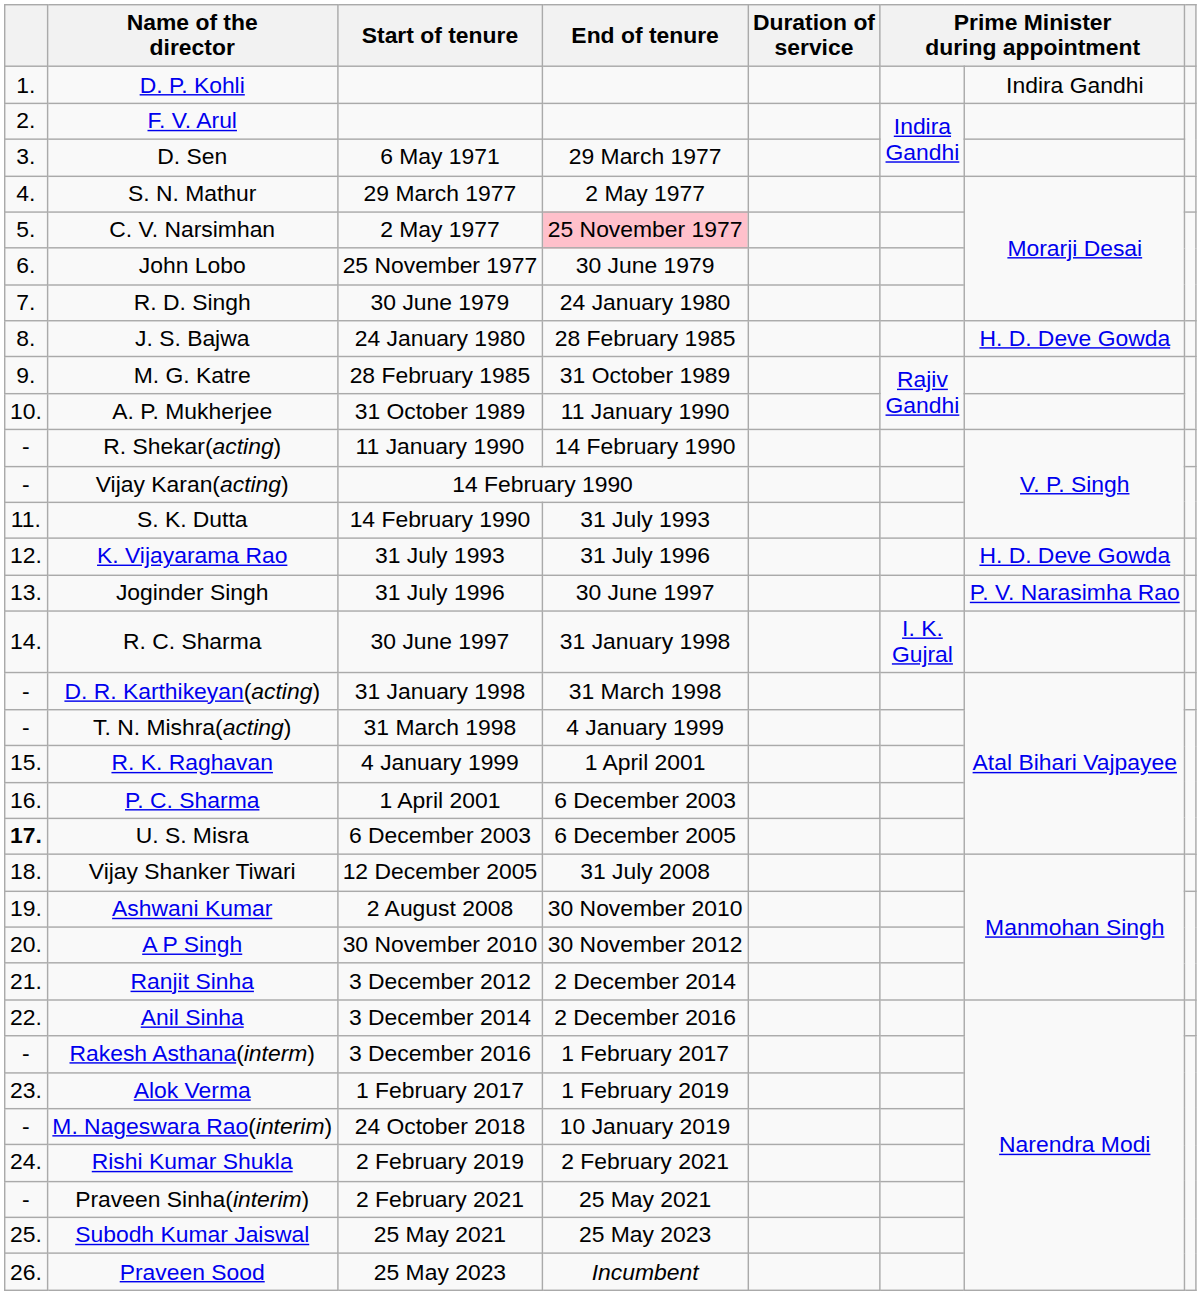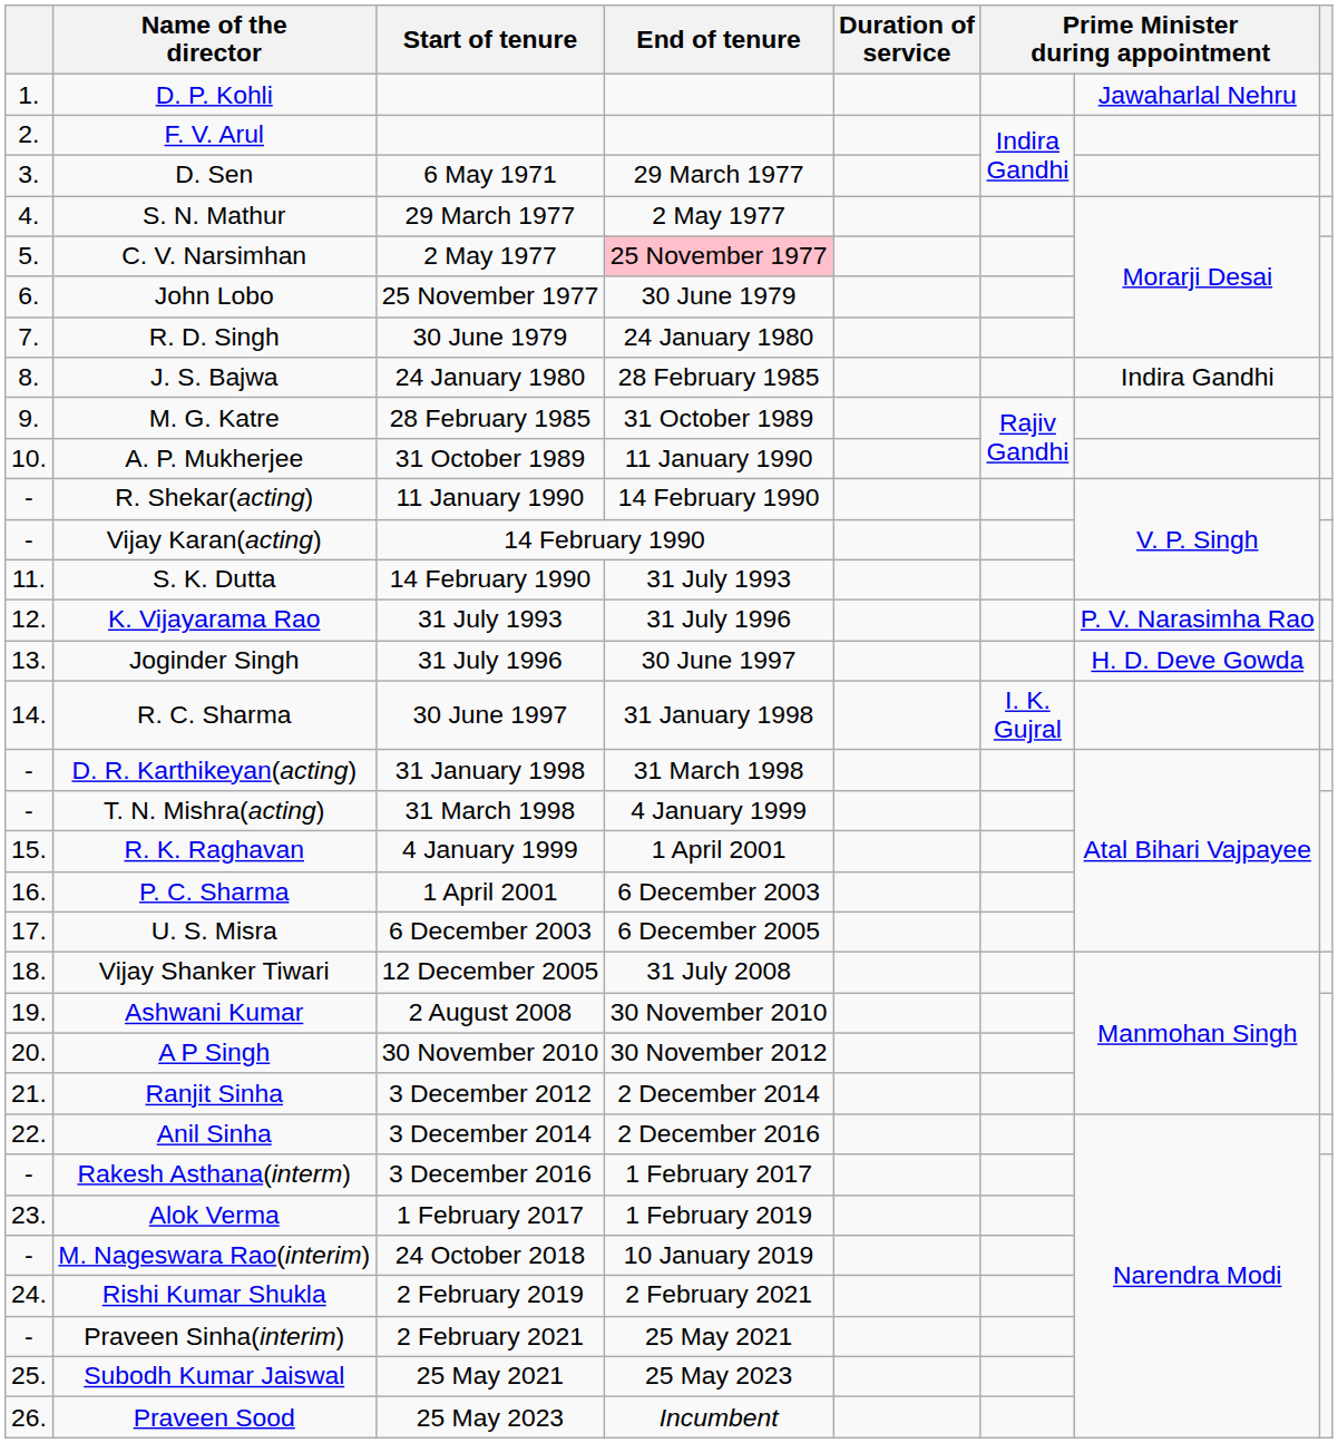 <table class="wikitable sortable" style="text-align:center">
 <tr>
 <th></th>
 <th>Name of the<br>director</th>
 <th>Start of tenure</th>
 <th>End of tenure</th>
 <th>Duration of<br>service</th>
 <th colspan="2">Prime Minister<br>during appointment</th>
 <th></th>
 </tr>
 <tr>
 <td>1.</td>
 <td><a href='#'>D. P. Kohli</a></td>
 <td></td>
 <td></td>
 <td></td>
 <td width="1px"></td>
-<td>Indira Gandhi</td>
+<td><a href='#'>Jawaharlal Nehru</a></td>
 <td></td>
 </tr>
 <tr>
 <td>2.</td>
 <td><a href='#'>F. V. Arul</a></td>
 <td></td>
 <td></td>
 <td></td>
 <td rowspan=2><a href='#'>Indira Gandhi</a></td>
 <td></td>
 </tr>
 <tr>
 <td>3.</td>
 <td>D. Sen</td>
 <td>6 May 1971</td>
 <td>29 March 1977</td>
 <td></td>
 <td></td>
 </tr>
 <tr>
 <td>4.</td>
 <td>S. N. Mathur</td>
 <td>29 March 1977</td>
 <td>2 May 1977</td>
 <td></td>
 <td width="1px"></td>
 <td rowspan=4><a href='#'>Morarji Desai</a></td>
 <td></td>
 </tr>
 <tr>
 <td>5.</td>
 <td>C. V. Narsimhan</td>
 <td>2 May 1977</td>
 <td style="background: pink;">25 November 1977</td>
 <td></td>
 <td></td>
 </tr>
 <tr>
 <td>6.</td>
 <td>John Lobo</td>
 <td>25 November 1977</td>
 <td>30 June 1979</td>
 <td></td>
 <td></td>
 </tr>
 <tr>
 <td>7.</td>
 <td>R. D. Singh</td>
 <td>30 June 1979</td>
 <td>24 January 1980</td>
 <td></td>
 <td></td>
 </tr>
 <tr>
 <td>8.</td>
 <td>J. S. Bajwa</td>
 <td>24 January 1980</td>
 <td>28 February 1985</td>
 <td></td>
 <td width="1px"></td>
-<td><a href='#'>H. D. Deve Gowda</a></td>
+<td>Indira Gandhi</td>
 <td></td>
 </tr>
 <tr>
 <td>9.</td>
 <td>M. G. Katre</td>
 <td>28 February 1985</td>
 <td>31 October 1989</td>
 <td></td>
 <td rowspan=2><a href='#'>Rajiv Gandhi</a></td>
 <td></td>
 </tr>
 <tr>
 <td>10.</td>
 <td>A. P. Mukherjee</td>
 <td>31 October 1989</td>
 <td>11 January 1990</td>
 <td></td>
 <td></td>
 </tr>
 <tr>
 <td>-</td>
 <td>R. Shekar(<em>acting</em>)</td>
 <td>11 January 1990</td>
 <td>14 February 1990</td>
 <td></td>
 <td width="1px"></td>
 <td rowspan =3><a href='#'>V. P. Singh</a></td>
 <td></td>
 </tr>
 <tr>
 <td>-</td>
 <td>Vijay Karan(<em>acting</em>)</td>
 <td colspan="2">14 February 1990</td>
 <td></td>
 <td></td>
 </tr>
 <tr>
 <td>11.</td>
 <td>S. K. Dutta</td>
 <td>14 February 1990</td>
 <td>31 July 1993</td>
 <td></td>
 <td></td>
 </tr>
 <tr>
 <td>12.</td>
 <td><a href='#'>K. Vijayarama Rao</a></td>
 <td>31 July 1993</td>
 <td>31 July 1996</td>
 <td></td>
 <td width="1px"></td>
-<td><a href='#'>H. D. Deve Gowda</a></td>
+<td><a href='#'>P. V. Narasimha Rao</a></td>
 <td></td>
 </tr>
 <tr>
 <td>13.</td>
 <td>Joginder Singh</td>
 <td>31 July 1996</td>
 <td>30 June 1997</td>
 <td></td>
 <td width="1px"></td>
-<td><a href='#'>P. V. Narasimha Rao</a></td>
+<td><a href='#'>H. D. Deve Gowda</a></td>
 <td></td>
 </tr>
 <tr>
 <td>14.</td>
 <td>R. C. Sharma</td>
 <td>30 June 1997</td>
 <td>31 January 1998</td>
 <td></td>
 <td><a href='#'>I. K. Gujral</a></td>
 <td></td>
 </tr>
 <tr>
 <td>-</td>
 <td><a href='#'>D. R. Karthikeyan</a>(<em>acting</em>)</td>
 <td>31 January 1998</td>
 <td>31 March 1998</td>
 <td></td>
 <td width="1px"></td>
 <td rowspan=5><a href='#'>Atal Bihari Vajpayee</a></td>
 <td></td>
 </tr>
 <tr>
 <td>-</td>
 <td>T. N. Mishra(<em>acting</em>)</td>
 <td>31 March 1998</td>
 <td>4 January 1999</td>
 <td></td>
 <td></td>
 </tr>
 <tr>
 <td>15.</td>
 <td><a href='#'>R. K. Raghavan</a></td>
 <td>4 January 1999</td>
 <td>1 April 2001</td>
 <td></td>
 <td></td>
 </tr>
 <tr>
 <td>16.</td>
 <td><a href='#'>P. C. Sharma</a></td>
 <td>1 April 2001</td>
 <td>6 December 2003</td>
 <td></td>
 <td></td>
 </tr>
 <tr>
-<td><strong>17.</strong></td>
+<td>17.</td>
 <td>U. S. Misra</td>
 <td>6 December 2003</td>
 <td>6 December 2005</td>
 <td></td>
 <td></td>
 </tr>
 <tr>
 <td>18.</td>
 <td>Vijay Shanker Tiwari</td>
 <td>12 December 2005</td>
 <td>31 July 2008</td>
 <td></td>
 <td width="1px"></td>
 <td rowspan=4><a href='#'>Manmohan Singh</a></td>
 <td></td>
 </tr>
 <tr>
 <td>19.</td>
 <td><a href='#'>Ashwani Kumar</a></td>
 <td>2 August 2008</td>
 <td>30 November 2010</td>
 <td></td>
 <td></td>
 </tr>
 <tr>
 <td>20.</td>
 <td><a href='#'>A P Singh</a></td>
 <td>30 November 2010</td>
 <td>30 November 2012</td>
 <td></td>
 <td></td>
 </tr>
 <tr>
 <td>21.</td>
 <td><a href='#'>Ranjit Sinha</a></td>
 <td>3 December 2012</td>
 <td>2 December 2014</td>
 <td></td>
 <td></td>
 </tr>
 <tr>
 <td>22.</td>
 <td><a href='#'>Anil Sinha</a></td>
 <td>3 December 2014</td>
 <td>2 December 2016</td>
 <td></td>
 <td width="1px"></td>
 <td rowspan="8"><a href='#'>Narendra Modi</a></td>
 <td></td>
 </tr>
 <tr>
 <td>-</td>
 <td><a href='#'>Rakesh Asthana</a>(<em>interm</em>)</td>
 <td>3 December 2016</td>
 <td>1 February 2017</td>
 <td></td>
 <td></td>
 </tr>
 <tr>
 <td>23.</td>
 <td><a href='#'>Alok Verma</a></td>
 <td>1 February 2017</td>
 <td>1 February 2019</td>
 <td></td>
 <td></td>
 </tr>
 <tr>
 <td>-</td>
 <td><a href='#'>M. Nageswara Rao</a>(<em>interim</em>)</td>
 <td>24 October 2018</td>
 <td>10 January 2019</td>
 <td></td>
 <td></td>
 </tr>
 <tr>
 <td>24.</td>
 <td><a href='#'>Rishi Kumar Shukla</a></td>
 <td>2 February 2019</td>
 <td>2 February 2021</td>
 <td></td>
 <td></td>
 </tr>
 <tr>
 <td>-</td>
 <td>Praveen Sinha(<em>interim</em>)</td>
 <td>2 February 2021</td>
 <td>25 May 2021</td>
 <td></td>
 <td></td>
 </tr>
 <tr>
 <td>25.</td>
 <td><a href='#'>Subodh Kumar Jaiswal</a></td>
 <td>25 May 2021</td>
 <td>25 May 2023</td>
 <td></td>
 <td></td>
 </tr>
 <tr>
 <td>26.</td>
 <td><a href='#'>Praveen Sood</a></td>
 <td>25 May 2023</td>
 <td><em>Incumbent</em></td>
 <td></td>
 <td></td>
 </tr>
 </table>
